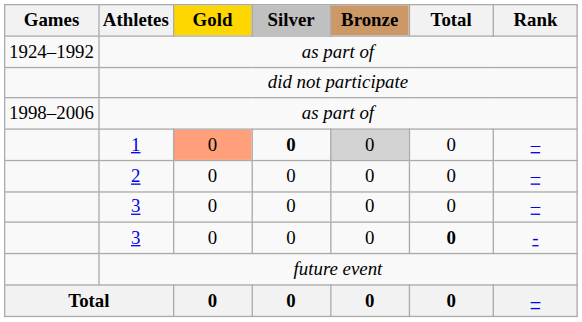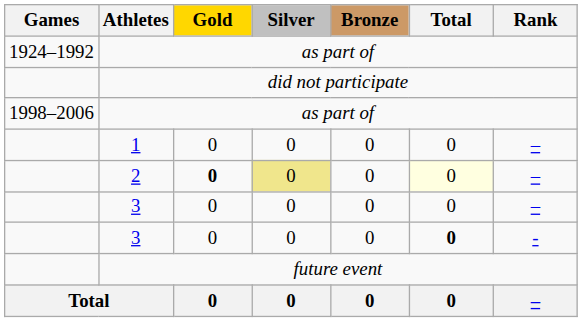 <table class="wikitable" style="text-align:center; font-size:90%;">
 <tr>
 <th>Games</th>
 <th>Athletes</th>
 <td style="background:gold; width:3.7em; font-weight:bold;">Gold</td>
 <td style="background:silver; width:3.7em; font-weight:bold;">Silver</td>
 <td style="background:#cc9966; width:3.7em; font-weight:bold;">Bronze</td>
 <th style="width:4em; font-weight:bold;">Total</th>
 <th style="width:4em; font-weight:bold;">Rank</th>
 </tr>
 <tr>
 <td align=left>1924–1992</td>
 <td colspan=6><em>as part of </em></td>
 </tr>
 <tr>
 <td align=left></td>
 <td colspan=6><em>did not participate</em></td>
 </tr>
 <tr>
 <td align=left>1998–2006</td>
 <td colspan=6><em>as part of </em></td>
 </tr>
 <tr>
 <td align=left></td>
 <td><a href='#'>1</a></td>
-<td style="background: lightsalmon;">0</td>
-<td><strong>0</strong></td>
-<td style="background: lightgrey;">0</td>
+<td>0</td>
+<td>0</td>
+<td>0</td>
 <td>0</td>
 <td><a href='#'>–</a></td>
 </tr>
 <tr>
 <td align=left></td>
 <td><a href='#'>2</a></td>
+<td><strong>0</strong></td>
+<td style="background: khaki;">0</td>
 <td>0</td>
-<td>0</td>
-<td>0</td>
-<td>0</td>
+<td style="background: lightyellow;">0</td>
 <td><a href='#'>–</a></td>
 </tr>
 <tr>
 <td align=left></td>
 <td><a href='#'>3</a></td>
 <td>0</td>
 <td>0</td>
 <td>0</td>
 <td>0</td>
 <td><a href='#'>–</a></td>
 </tr>
 <tr>
 <td align=left></td>
 <td><a href='#'>3</a></td>
 <td>0</td>
 <td>0</td>
 <td>0</td>
 <td><strong>0</strong></td>
 <td><a href='#'>-</a></td>
 </tr>
 <tr>
 <td align=left></td>
 <td colspan=6><em>future event</em></td>
 </tr>
 <tr>
 <th colspan=2>Total</th>
 <th>0</th>
 <th>0</th>
 <th>0</th>
 <th>0</th>
 <th><a href='#'>–</a></th>
 </tr>
 </table>
